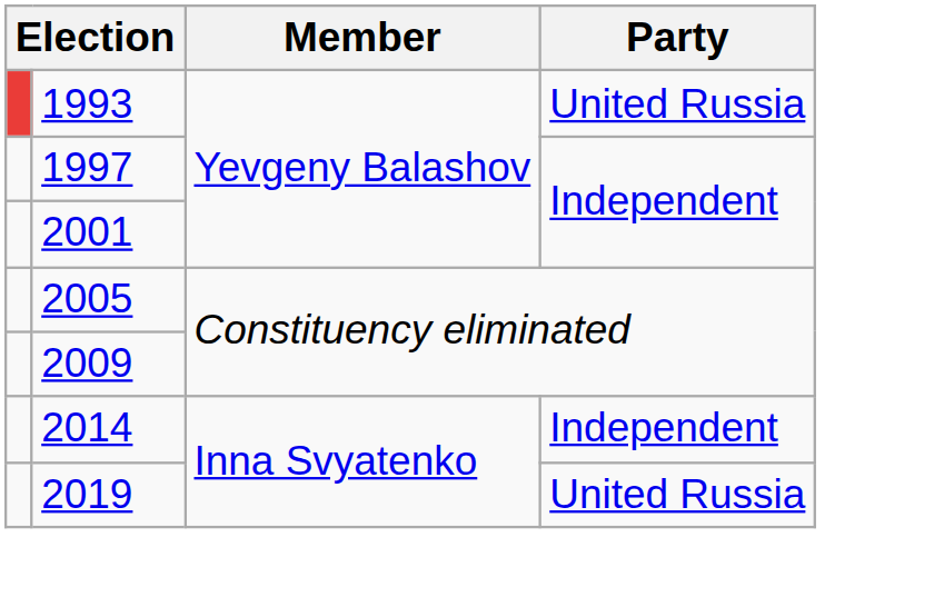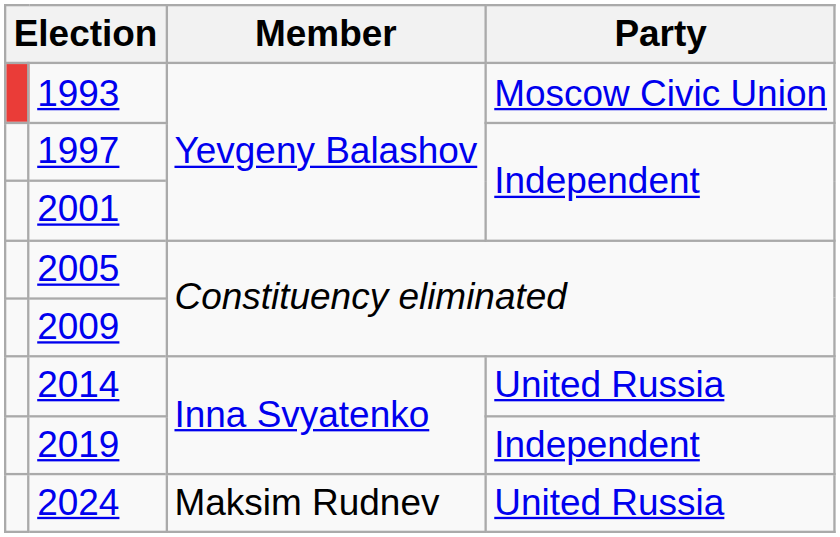 <table class="wikitable">
 <tr>
 <th colspan="2">Election</th>
 <th>Member</th>
 <th>Party</th>
 </tr>
 <tr>
 <td style="background-color:#EA3C38"></td>
 <td><a href='#'>1993</a></td>
 <td rowspan=3><a href='#'>Yevgeny Balashov</a></td>
-<td><a href='#'>United Russia</a></td>
+<td><a href='#'>Moscow Civic Union</a></td>
 </tr>
 <tr>
 <td style="background-color:"></td>
 <td><a href='#'>1997</a></td>
 <td rowspan=2><a href='#'>Independent</a></td>
 </tr>
 <tr>
 <td style="background-color:"></td>
 <td><a href='#'>2001</a></td>
 </tr>
 <tr>
 <td style="background-color:"></td>
 <td><a href='#'>2005</a></td>
 <td colspan=2 rowspan=2><em>Constituency eliminated</em></td>
 </tr>
 <tr>
 <td style="background-color:"></td>
 <td><a href='#'>2009</a></td>
 </tr>
 <tr>
 <td style="background-color:"></td>
 <td><a href='#'>2014</a></td>
 <td rowspan=2><a href='#'>Inna Svyatenko</a></td>
+<td><a href='#'>United Russia</a></td>
+</tr>
+<tr>
+<td style="background-color:"></td>
+<td><a href='#'>2019</a></td>
 <td><a href='#'>Independent</a></td>
 </tr>
 <tr>
 <td style="background-color:"></td>
-<td><a href='#'>2019</a></td>
+<td><a href='#'>2024</a></td>
+<td>Maksim Rudnev</td>
 <td><a href='#'>United Russia</a></td>
 </tr>
 </table>
